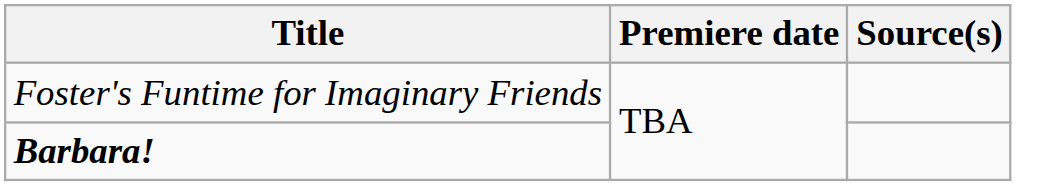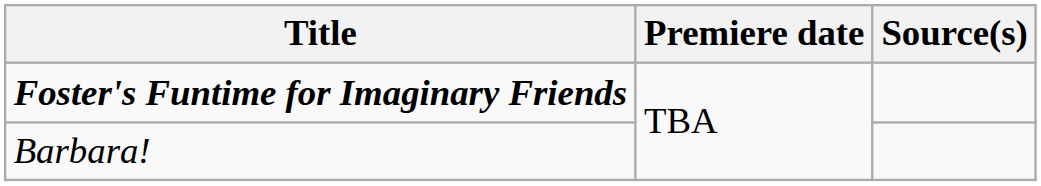 <table class="wikitable sortable">
 <tr>
 <th>Title</th>
 <th>Premiere date</th>
 <th>Source(s)</th>
 </tr>
 <tr>
-<td><em>Foster's Funtime for Imaginary Friends</em></td>
+<td><strong><em>Foster's Funtime for Imaginary Friends</em></strong></td>
 <td rowspan="2">TBA</td>
 <td></td>
 </tr>
 <tr>
-<td><strong><em>Barbara!</em></strong></td>
+<td><em>Barbara!</em></td>
 <td></td>
 </tr>
 </table>
